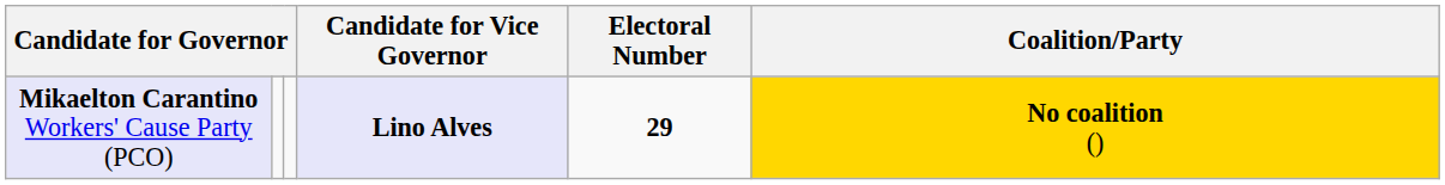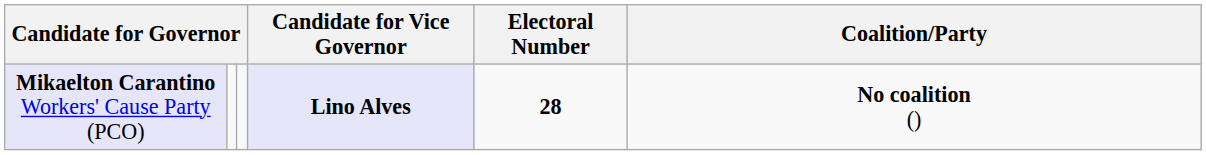 <table class="wikitable" style="text-align:center;">
 <tr>
 <th colspan="3" style="width:20%;">Candidate for Governor</th>
 <th>Candidate for Vice Governor</th>
 <th>Electoral Number</th>
 <th style="width:48%;">Coalition/Party</th>
 </tr>
 <tr>
 <td style="background:lavender;"><strong>Mikaelton Carantino</strong><br><a href='#'>Workers' Cause Party</a> (PCO)</td>
 <td></td>
 <td style="background-color:"></td>
 <td style="background: lavender;"><strong>Lino Alves</strong><br></td>
-<td><strong>29</strong></td>
-<td style="background: gold;"><strong>No coalition</strong><br>()</td>
+<td><strong>28</strong></td>
+<td><strong>No coalition</strong><br>()</td>
 </tr>
 </table>
